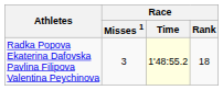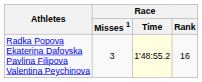 <table class="wikitable" border="1" style="font-size:90%">
 <tr>
 <th rowspan=2>Athletes</th>
 <th colspan=3>Race</th>
 </tr>
 <tr>
 <th>Misses <sup>1</sup></th>
 <th>Time</th>
 <th>Rank</th>
 </tr>
 <tr>
 <td><a href='#'>Radka Popova</a><br><a href='#'>Ekaterina Dafovska</a><br><a href='#'>Pavlina Filipova</a><br><a href='#'>Valentina Peychinova</a></td>
 <td align=center>3</td>
 <td align=center style="background: lightyellow;">1'48:55.2</td>
-<td align=center>18</td>
+<td align=center>16</td>
 </tr>
 </table>
